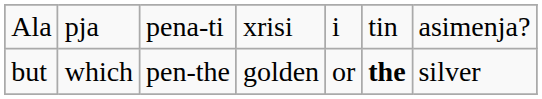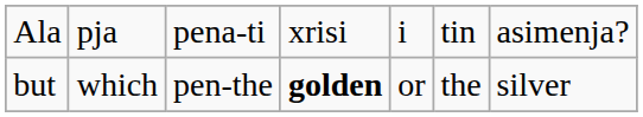 <table class="wikitable" border="1">
 <tr>
 <td>Ala</td>
 <td>pja</td>
 <td>pena-ti</td>
 <td>xrisi</td>
 <td>i</td>
 <td>tin</td>
 <td>asimenja?</td>
 </tr>
 <tr>
 <td>but</td>
 <td>which</td>
 <td>pen-the</td>
-<td>golden</td>
+<td><strong>golden</strong></td>
 <td>or</td>
-<td><strong>the</strong></td>
+<td>the</td>
 <td>silver </td>
 </tr>
 </table>
